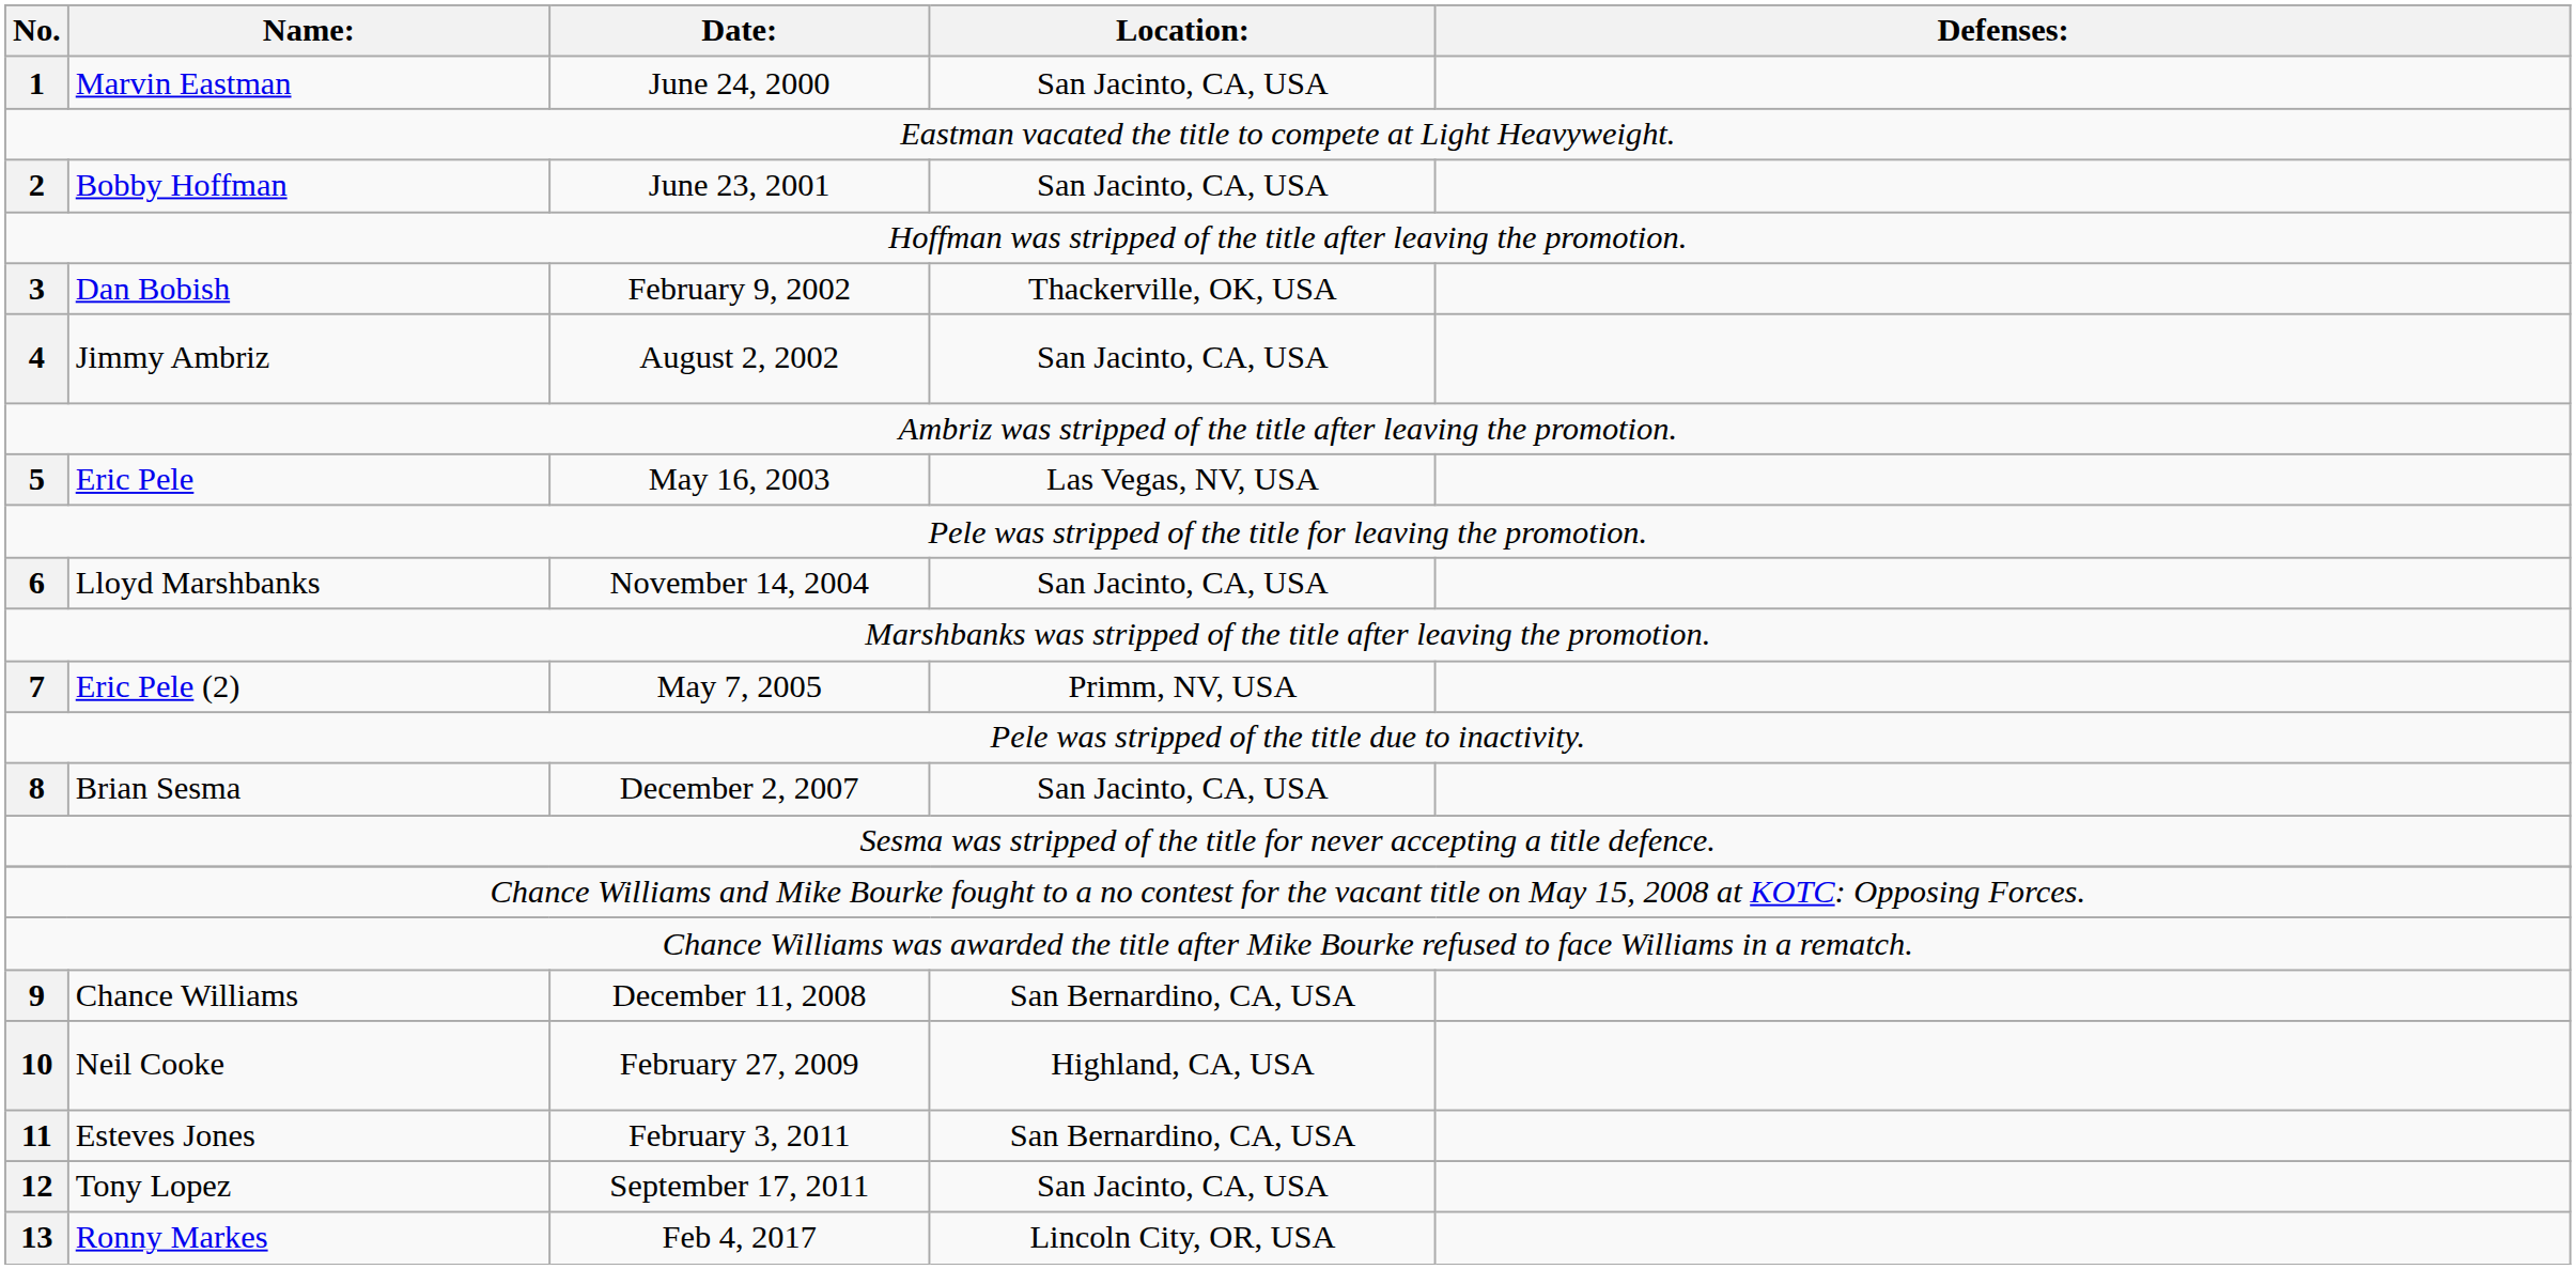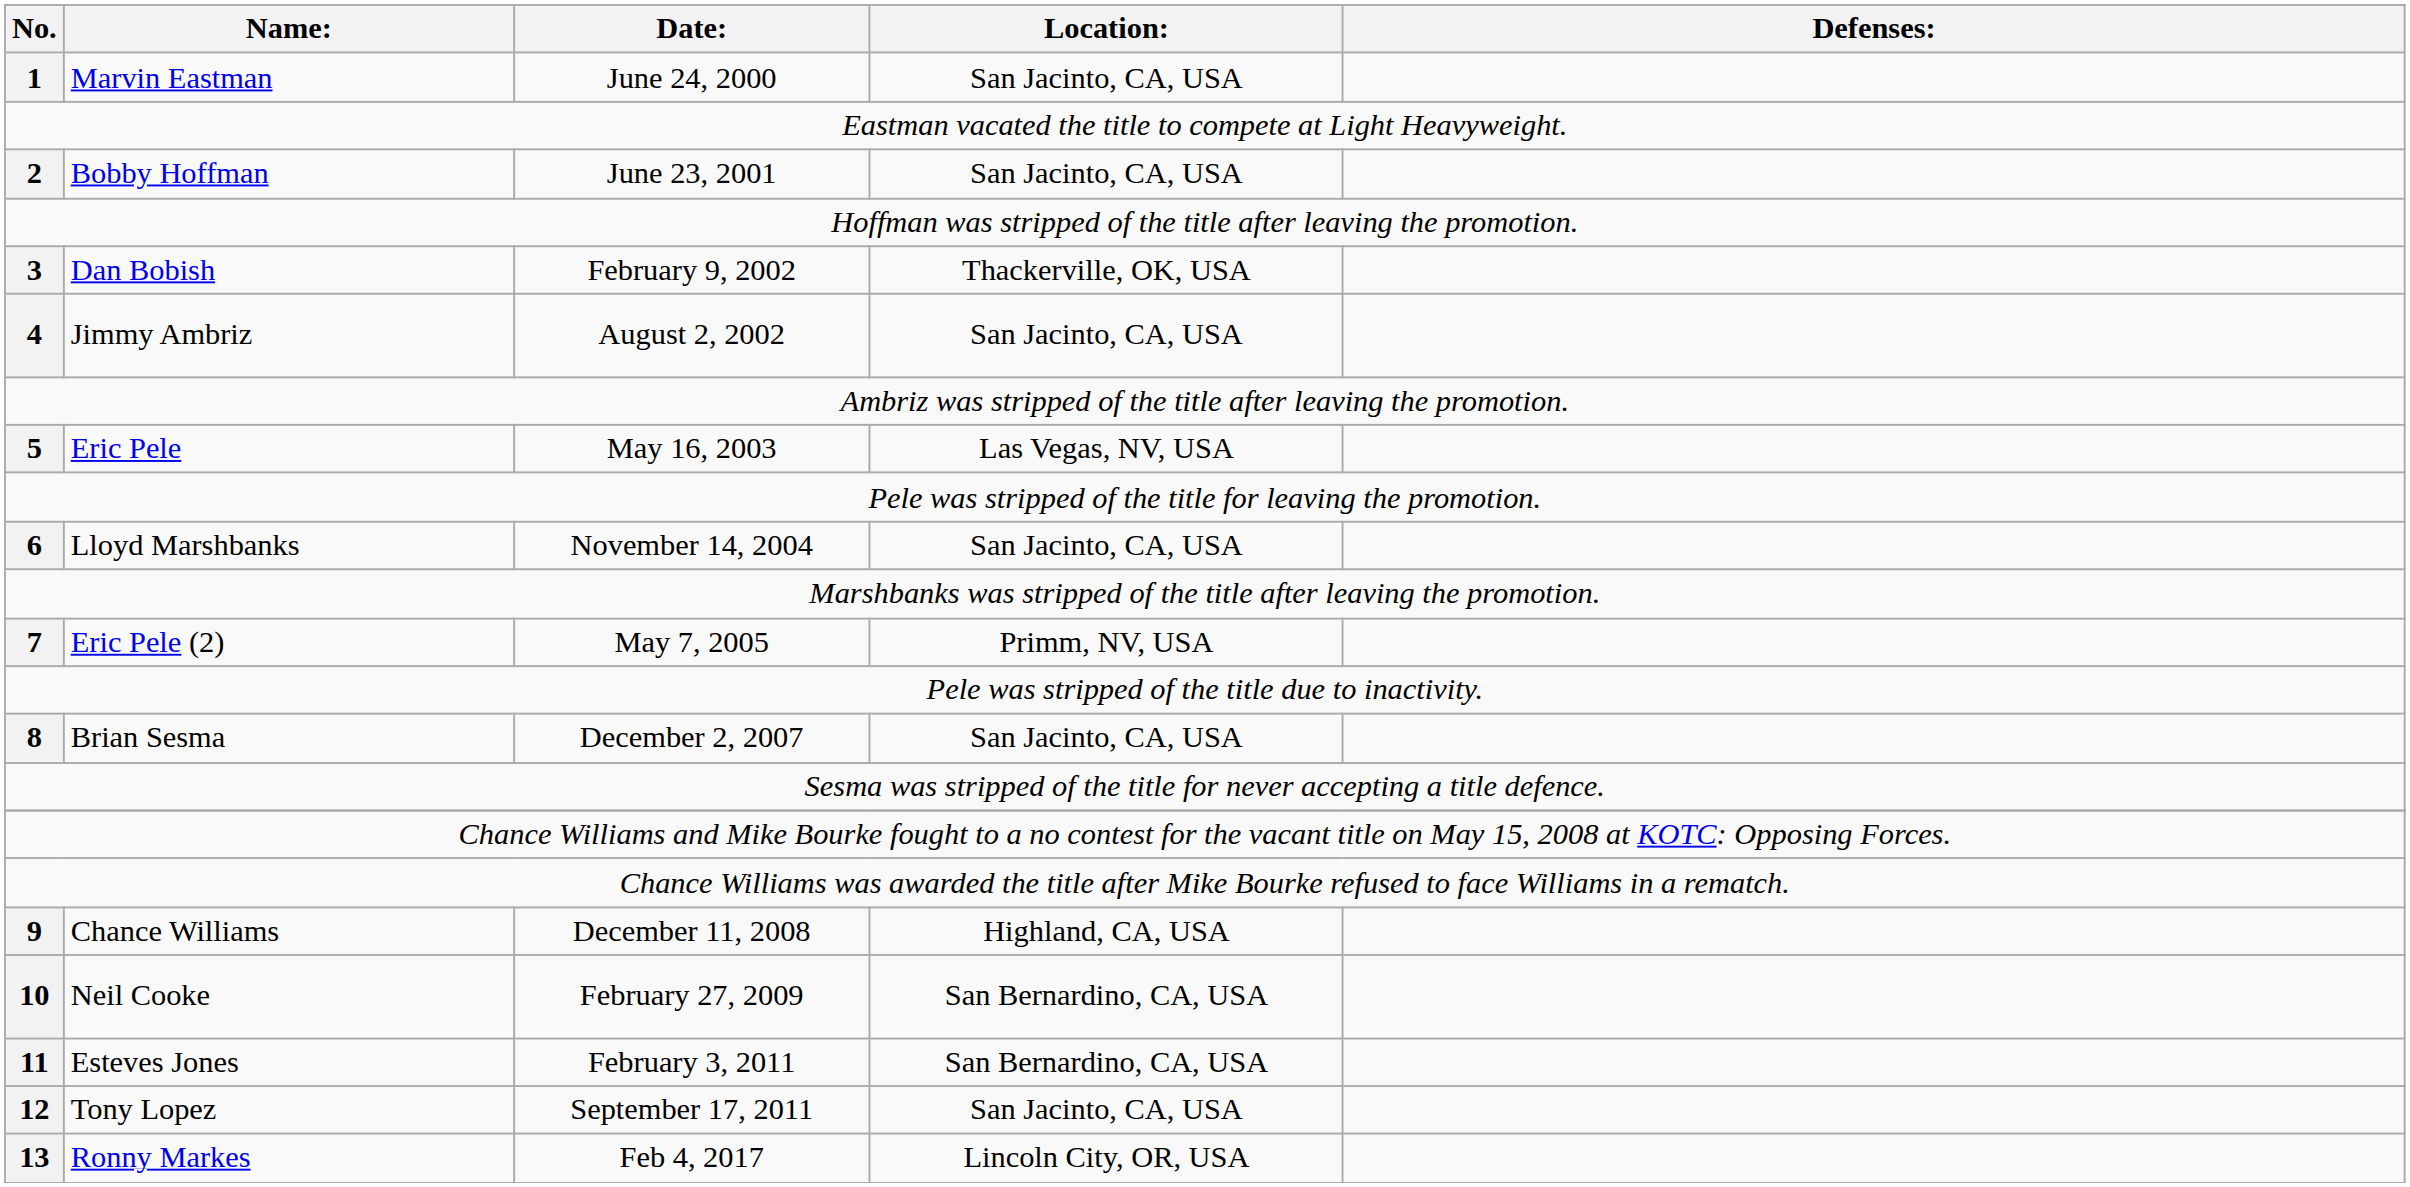 <table class="wikitable" width=100%>
 <tr>
 <th width=1%>No.</th>
 <th width=19%>Name:</th>
 <th width=15%>Date:</th>
 <th width=20%>Location:</th>
 <th width=45%>Defenses:</th>
 </tr>
 <tr>
 <th>1</th>
 <td align=left> <a href='#'>Marvin Eastman</a><br></td>
 <td align=center>June 24, 2000<br></td>
 <td align=center>San Jacinto, CA, USA</td>
 <td><br></td>
 </tr>
 <tr>
 <td align="center" colspan="5"><em>Eastman vacated the title to compete at Light Heavyweight.</em></td>
 </tr>
 <tr>
 <th>2</th>
 <td align=left> <a href='#'>Bobby Hoffman</a><br></td>
 <td align=center>June 23, 2001<br></td>
 <td align=center>San Jacinto, CA, USA</td>
 <td></td>
 </tr>
 <tr>
 <td align="center" colspan="5"><em>Hoffman was stripped of the title after leaving the promotion.</em></td>
 </tr>
 <tr>
 <th>3</th>
 <td align=left> <a href='#'>Dan Bobish</a><br></td>
 <td align=center>February 9, 2002<br></td>
 <td align=center>Thackerville, OK, USA</td>
 <td><br></td>
 </tr>
 <tr>
 <th>4</th>
 <td align=left> Jimmy Ambriz</td>
 <td align=center>August 2, 2002<br></td>
 <td align=center>San Jacinto, CA, USA</td>
 <td><br><br> </td>
 </tr>
 <tr>
 <td align="center" colspan="5"><em>Ambriz was stripped of the title after leaving the promotion.</em></td>
 </tr>
 <tr>
 <th>5</th>
 <td align=left> <a href='#'>Eric Pele</a><br></td>
 <td align=center>May 16, 2003<br></td>
 <td align=center>Las Vegas, NV, USA</td>
 <td><br></td>
 </tr>
 <tr>
 <td align="center" colspan="5"><em>Pele was stripped of the title for leaving the promotion.</em></td>
 </tr>
 <tr>
 <th>6</th>
 <td align=left> Lloyd Marshbanks<br></td>
 <td align=center>November 14, 2004<br></td>
 <td align=center>San Jacinto, CA, USA</td>
 <td></td>
 </tr>
 <tr>
 <td align="center" colspan="5"><em>Marshbanks was stripped of the title after leaving the promotion.</em></td>
 </tr>
 <tr>
 <th>7</th>
 <td align=left> <a href='#'>Eric Pele</a> (2)<br></td>
 <td align=center>May 7, 2005<br></td>
 <td align=center>Primm, NV, USA</td>
 <td></td>
 </tr>
 <tr>
 <td align="center" colspan="5"><em>Pele was stripped of the title due to inactivity.</em></td>
 </tr>
 <tr>
 <th>8</th>
 <td align=left> Brian Sesma<br></td>
 <td align=center>December 2, 2007<br></td>
 <td align=center>San Jacinto, CA, USA</td>
 <td></td>
 </tr>
 <tr>
 <td align="center" colspan="5"><em>Sesma was stripped of the title for never accepting a title defence.</em></td>
 </tr>
 <tr>
 </tr>
 <tr>
 <td align="center" colspan="5"><em>Chance Williams and Mike Bourke fought to a no contest for the vacant title on May 15, 2008 at <a href='#'>KOTC</a>: Opposing Forces.</em></td>
 </tr>
 <tr>
 <td align="center" colspan="5"><em>Chance Williams was awarded the title after Mike Bourke refused to face Williams in a rematch.</em></td>
 </tr>
 <tr>
 <th>9</th>
 <td align=left> Chance Williams<br></td>
 <td align=center>December 11, 2008<br></td>
-<td align=center>San Bernardino, CA, USA</td>
+<td align=center>Highland, CA, USA</td>
 <td></td>
 </tr>
 <tr>
 <th>10</th>
 <td align=left> Neil Cooke</td>
 <td align=center>February 27, 2009<br></td>
-<td align=center>Highland, CA, USA</td>
+<td align=center>San Bernardino, CA, USA</td>
 <td><br><br> </td>
 </tr>
 <tr>
 <th>11</th>
 <td align=left> Esteves Jones</td>
 <td align=center>February 3, 2011<br></td>
 <td align=center>San Bernardino, CA, USA</td>
 <td></td>
 </tr>
 <tr>
 <th>12</th>
 <td align=left>  Tony Lopez</td>
 <td align=center>September 17, 2011<br></td>
 <td align=center>San Jacinto, CA, USA</td>
 <td><br></td>
 </tr>
 <tr>
 <th>13</th>
 <td align=left> <a href='#'>Ronny Markes</a></td>
 <td align=center>Feb 4, 2017<br></td>
 <td align=center>Lincoln City, OR, USA</td>
 <td></td>
 </tr>
 </table>
